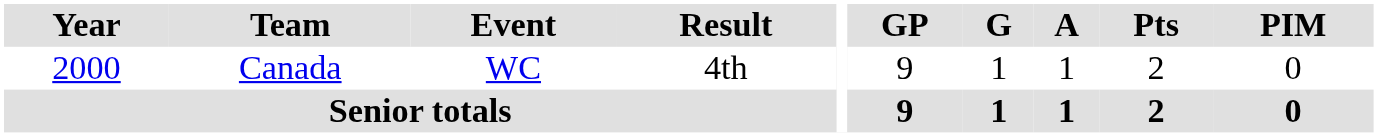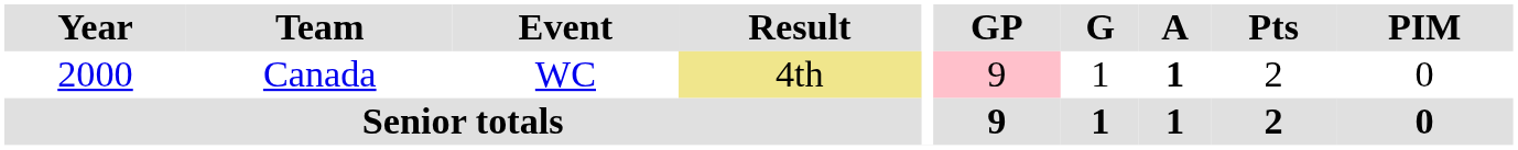 <table border="0" cellpadding="1" cellspacing="0" ID="Table3" style="text-align:center; width:40em">
 <tr ALIGN="center" bgcolor="#e0e0e0">
 <th>Year</th>
 <th>Team</th>
 <th>Event</th>
 <th>Result</th>
 <th rowspan="99" bgcolor="#ffffff"></th>
 <th>GP</th>
 <th>G</th>
 <th>A</th>
 <th>Pts</th>
 <th>PIM</th>
 </tr>
 <tr>
 <td><a href='#'>2000</a></td>
 <td><a href='#'>Canada</a></td>
 <td><a href='#'>WC</a></td>
-<td>4th</td>
-<td>9</td>
+<td style="background: khaki;">4th</td>
+<td style="background: pink;">9</td>
 <td>1</td>
-<td>1</td>
+<td><strong>1</strong></td>
 <td>2</td>
 <td>0</td>
 </tr>
 <tr bgcolor="#e0e0e0">
 <th colspan="4">Senior totals</th>
 <th>9</th>
 <th>1</th>
 <th>1</th>
 <th>2</th>
 <th>0</th>
 </tr>
 </table>
